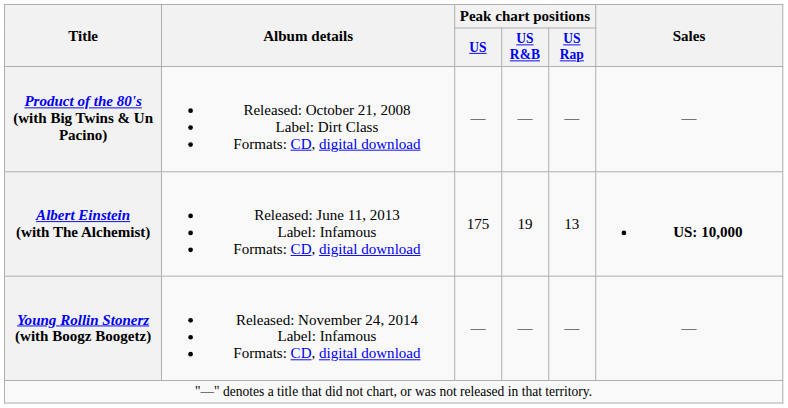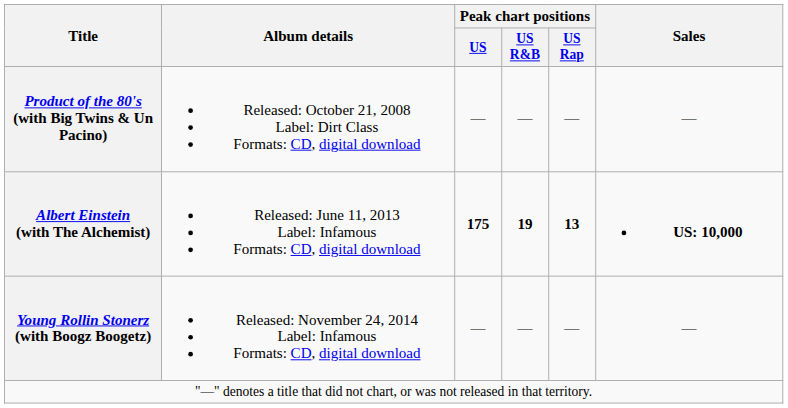 <table class="wikitable plainrowheaders" style="text-align:center;">
 <tr>
 <th scope="col" rowspan="2" style="width:10em;">Title</th>
 <th scope="col" rowspan="2" style="width:19em;">Album details</th>
 <th scope="col" colspan="3">Peak chart positions</th>
 <th scope="col" rowspan="2" style="width:12em;">Sales</th>
 </tr>
 <tr>
 <th scope="col" style="width:3em;font-size:90%;"><a href='#'>US</a></th>
 <th scope="col" style="width:3em;font-size:90%;"><a href='#'>US R&B</a></th>
 <th scope="col" style="width:3em;font-size:90%;"><a href='#'>US<br>Rap</a></th>
 </tr>
 <tr>
 <th scope="row"><em><a href='#'>Product of the 80's</a></em><br><span>(with Big Twins & Un Pacino)</span></th>
 <td><br><ul><li>Released: October 21, 2008</li><li>Label: Dirt Class</li><li>Formats: <a href='#'>CD</a>, <a href='#'>digital download</a></li></ul></td>
 <td>—</td>
 <td>—</td>
 <td>—</td>
 <td>—</td>
 </tr>
 <tr>
 <th scope="row"><em><a href='#'>Albert Einstein</a></em><br><span>(with The Alchemist)</span></th>
 <td><br><ul><li>Released: June 11, 2013</li><li>Label: Infamous</li><li>Formats: <a href='#'>CD</a>, <a href='#'>digital download</a></li></ul></td>
-<td>175</td>
-<td>19</td>
-<td>13</td>
+<td><strong>175</strong></td>
+<td><strong>19</strong></td>
+<td><strong>13</strong></td>
 <td><strong><br><ul><li>US: 10,000</li></ul></strong></td>
 </tr>
 <tr>
 <th scope="row"><em><a href='#'>Young Rollin Stonerz</a></em><br><span>(with Boogz Boogetz)</span></th>
 <td><br><ul><li>Released: November 24, 2014</li><li>Label: Infamous</li><li>Formats: <a href='#'>CD</a>, <a href='#'>digital download</a></li></ul></td>
 <td>—</td>
 <td>—</td>
 <td>—</td>
 <td>—</td>
 </tr>
 <tr>
 <td colspan="14" style="font-size:90%">"—" denotes a title that did not chart, or was not released in that territory.</td>
 </tr>
 </table>
